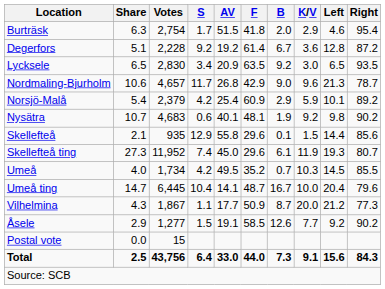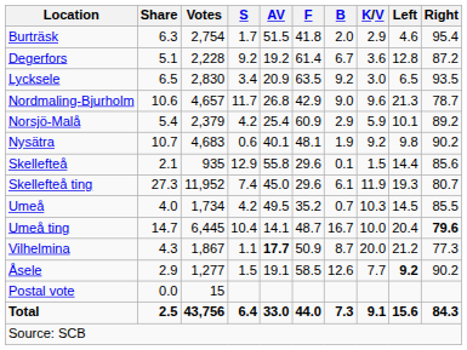 <table class="wikitable sortable" style=text-align:right>
 <tr>
 <th>Location</th>
 <th>Share</th>
 <th>Votes</th>
 <th><a href='#'>S</a></th>
 <th><a href='#'>AV</a></th>
 <th><a href='#'>F</a></th>
 <th><a href='#'>B</a></th>
 <th><a href='#'>K</a>/<a href='#'>V</a></th>
 <th>Left</th>
 <th>Right</th>
 </tr>
 <tr>
 <td align=left><a href='#'>Burträsk</a></td>
 <td>6.3</td>
 <td>2,754</td>
 <td>1.7</td>
 <td>51.5</td>
 <td>41.8</td>
 <td>2.0</td>
 <td>2.9</td>
 <td>4.6</td>
 <td>95.4</td>
 </tr>
 <tr>
 <td align=left><a href='#'>Degerfors</a></td>
 <td>5.1</td>
 <td>2,228</td>
 <td>9.2</td>
 <td>19.2</td>
 <td>61.4</td>
 <td>6.7</td>
 <td>3.6</td>
 <td>12.8</td>
 <td>87.2</td>
 </tr>
 <tr>
 <td align=left><a href='#'>Lycksele</a></td>
 <td>6.5</td>
 <td>2,830</td>
 <td>3.4</td>
 <td>20.9</td>
 <td>63.5</td>
 <td>9.2</td>
 <td>3.0</td>
 <td>6.5</td>
 <td>93.5</td>
 </tr>
 <tr>
 <td align=left><a href='#'>Nordmaling-Bjurholm</a></td>
 <td>10.6</td>
 <td>4,657</td>
 <td>11.7</td>
 <td>26.8</td>
 <td>42.9</td>
 <td>9.0</td>
 <td>9.6</td>
 <td>21.3</td>
 <td>78.7</td>
 </tr>
 <tr>
 <td align=left><a href='#'>Norsjö-Malå</a></td>
 <td>5.4</td>
 <td>2,379</td>
 <td>4.2</td>
 <td>25.4</td>
 <td>60.9</td>
 <td>2.9</td>
 <td>5.9</td>
 <td>10.1</td>
 <td>89.2</td>
 </tr>
 <tr>
 <td align=left><a href='#'>Nysätra</a></td>
 <td>10.7</td>
 <td>4,683</td>
 <td>0.6</td>
 <td>40.1</td>
 <td>48.1</td>
 <td>1.9</td>
 <td>9.2</td>
 <td>9.8</td>
 <td>90.2</td>
 </tr>
 <tr>
 <td align=left><a href='#'>Skellefteå</a></td>
 <td>2.1</td>
 <td>935</td>
 <td>12.9</td>
 <td>55.8</td>
 <td>29.6</td>
 <td>0.1</td>
 <td>1.5</td>
 <td>14.4</td>
 <td>85.6</td>
 </tr>
 <tr>
 <td align=left><a href='#'>Skellefteå ting</a></td>
 <td>27.3</td>
 <td>11,952</td>
 <td>7.4</td>
 <td>45.0</td>
 <td>29.6</td>
 <td>6.1</td>
 <td>11.9</td>
 <td>19.3</td>
 <td>80.7</td>
 </tr>
 <tr>
 <td align=left><a href='#'>Umeå</a></td>
 <td>4.0</td>
 <td>1,734</td>
 <td>4.2</td>
 <td>49.5</td>
 <td>35.2</td>
 <td>0.7</td>
 <td>10.3</td>
 <td>14.5</td>
 <td>85.5</td>
 </tr>
 <tr>
 <td align=left><a href='#'>Umeå ting</a></td>
 <td>14.7</td>
 <td>6,445</td>
 <td>10.4</td>
 <td>14.1</td>
 <td>48.7</td>
 <td>16.7</td>
 <td>10.0</td>
 <td>20.4</td>
-<td>79.6</td>
+<td><strong>79.6</strong></td>
 </tr>
 <tr>
 <td align=left><a href='#'>Vilhelmina</a></td>
 <td>4.3</td>
 <td>1,867</td>
 <td>1.1</td>
-<td>17.7</td>
+<td><strong>17.7</strong></td>
 <td>50.9</td>
 <td>8.7</td>
 <td>20.0</td>
 <td>21.2</td>
 <td>77.3</td>
 </tr>
 <tr>
 <td align=left><a href='#'>Åsele</a></td>
 <td>2.9</td>
 <td>1,277</td>
 <td>1.5</td>
 <td>19.1</td>
 <td>58.5</td>
 <td>12.6</td>
 <td>7.7</td>
-<td>9.2</td>
+<td><strong>9.2</strong></td>
 <td>90.2</td>
 </tr>
 <tr>
 <td align=left><a href='#'>Postal vote</a></td>
 <td>0.0</td>
 <td>15</td>
 <td></td>
 <td></td>
 <td></td>
 <td></td>
 <td></td>
 <td></td>
 <td></td>
 </tr>
 <tr>
 <td align=left><strong>Total</strong></td>
 <td><strong>2.5</strong></td>
 <td><strong>43,756</strong></td>
 <td><strong>6.4</strong></td>
 <td><strong>33.0</strong></td>
 <td><strong>44.0</strong></td>
 <td><strong>7.3</strong></td>
 <td><strong>9.1</strong></td>
 <td><strong>15.6</strong></td>
 <td><strong>84.3</strong></td>
 </tr>
 <tr>
 <td align=left colspan=10>Source: SCB </td>
 </tr>
 </table>
